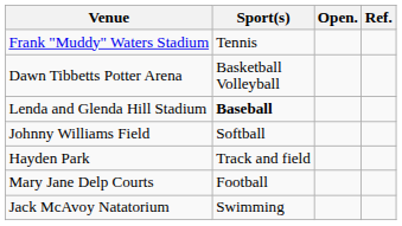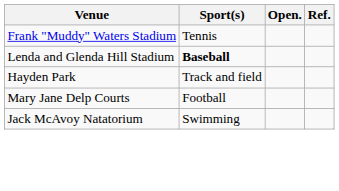 <table class="wikitable"; style= "text-align: ">
 <tr>
 <th width=px>Venue</th>
 <th width=px>Sport(s)</th>
 <th width=px>Open.</th>
 <th width=px>Ref.</th>
 </tr>
 <tr>
 <td><a href='#'>Frank "Muddy" Waters Stadium</a></td>
 <td>Tennis</td>
 <td></td>
 <td></td>
 </tr>
 <tr>
-<td>Dawn Tibbetts Potter Arena</td>
-<td>Basketball <br> Volleyball</td>
-<td></td>
-<td></td>
-</tr>
-<tr>
 <td>Lenda and Glenda Hill Stadium</td>
 <td><strong>Baseball</strong></td>
-<td></td>
-<td></td>
-</tr>
-<tr>
-<td>Johnny Williams Field</td>
-<td>Softball</td>
 <td></td>
 <td></td>
 </tr>
 <tr>
 <td>Hayden Park</td>
 <td>Track and field</td>
 <td></td>
 <td></td>
 </tr>
 <tr>
 <td>Mary Jane Delp Courts</td>
 <td>Football</td>
 <td></td>
 <td></td>
 </tr>
 <tr>
 <td>Jack McAvoy Natatorium</td>
 <td>Swimming</td>
 <td></td>
 <td></td>
 </tr>
 </table>
